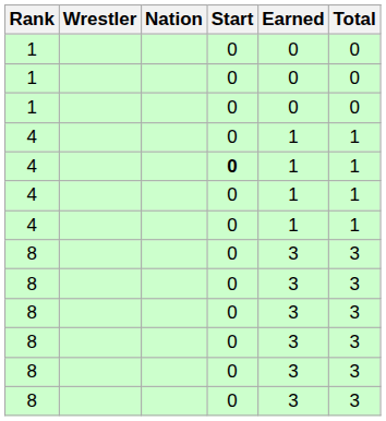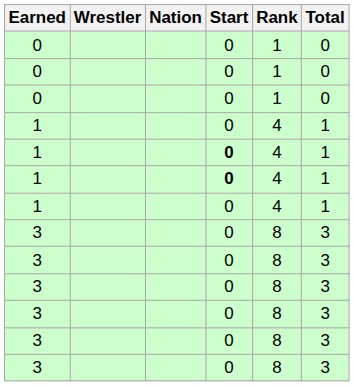 <table class="wikitable sortable" style="text-align:center;">
 <tr>
-<th>Rank</th>
+<th>Earned</th>
 <th>Wrestler</th>
 <th>Nation</th>
 <th>Start</th>
-<th>Earned</th>
+<th>Rank</th>
 <th>Total</th>
 </tr>
 <tr style="background:#cfc;">
-<td>1</td>
+<td>0</td>
 <td align=left></td>
 <td align=left></td>
 <td>0</td>
+<td>1</td>
 <td>0</td>
+</tr>
+<tr style="background:#cfc;">
+<td>0</td>
+<td align=left></td>
+<td align=left></td>
+<td>0</td>
+<td>1</td>
+<td>0</td>
+</tr>
+<tr style="background:#cfc;">
+<td>0</td>
+<td align=left></td>
+<td align=left></td>
+<td>0</td>
+<td>1</td>
 <td>0</td>
 </tr>
 <tr style="background:#cfc;">
 <td>1</td>
 <td align=left></td>
 <td align=left></td>
 <td>0</td>
-<td>0</td>
-<td>0</td>
+<td>4</td>
+<td>1</td>
+</tr>
+<tr style="background:#cfc;">
+<td>1</td>
+<td align=left></td>
+<td align=left></td>
+<td><strong>0</strong></td>
+<td>4</td>
+<td>1</td>
+</tr>
+<tr style="background:#cfc;">
+<td>1</td>
+<td align=left></td>
+<td align=left></td>
+<td><strong>0</strong></td>
+<td>4</td>
+<td>1</td>
 </tr>
 <tr style="background:#cfc;">
 <td>1</td>
 <td align=left></td>
 <td align=left></td>
 <td>0</td>
-<td>0</td>
-<td>0</td>
+<td>4</td>
+<td>1</td>
 </tr>
 <tr style="background:#cfc;">
-<td>4</td>
+<td>3</td>
 <td align=left></td>
 <td align=left></td>
 <td>0</td>
-<td>1</td>
-<td>1</td>
+<td>8</td>
+<td>3</td>
 </tr>
 <tr style="background:#cfc;">
-<td>4</td>
-<td align=left></td>
-<td align=left></td>
-<td><strong>0</strong></td>
-<td>1</td>
-<td>1</td>
-</tr>
-<tr style="background:#cfc;">
-<td>4</td>
+<td>3</td>
 <td align=left></td>
 <td align=left></td>
 <td>0</td>
-<td>1</td>
-<td>1</td>
+<td>8</td>
+<td>3</td>
 </tr>
 <tr style="background:#cfc;">
-<td>4</td>
+<td>3</td>
 <td align=left></td>
 <td align=left></td>
 <td>0</td>
-<td>1</td>
-<td>1</td>
+<td>8</td>
+<td>3</td>
 </tr>
 <tr style="background:#cfc;">
-<td>8</td>
+<td>3</td>
 <td align=left></td>
 <td align=left></td>
 <td>0</td>
-<td>3</td>
+<td>8</td>
 <td>3</td>
 </tr>
 <tr style="background:#cfc;">
-<td>8</td>
+<td>3</td>
 <td align=left></td>
 <td align=left></td>
 <td>0</td>
-<td>3</td>
+<td>8</td>
 <td>3</td>
 </tr>
 <tr style="background:#cfc;">
-<td>8</td>
+<td>3</td>
 <td align=left></td>
 <td align=left></td>
 <td>0</td>
-<td>3</td>
-<td>3</td>
-</tr>
-<tr style="background:#cfc;">
 <td>8</td>
-<td align=left></td>
-<td align=left></td>
-<td>0</td>
-<td>3</td>
-<td>3</td>
-</tr>
-<tr style="background:#cfc;">
-<td>8</td>
-<td align=left></td>
-<td align=left></td>
-<td>0</td>
-<td>3</td>
-<td>3</td>
-</tr>
-<tr style="background:#cfc;">
-<td>8</td>
-<td align=left></td>
-<td align=left></td>
-<td>0</td>
-<td>3</td>
 <td>3</td>
 </tr>
 </table>
